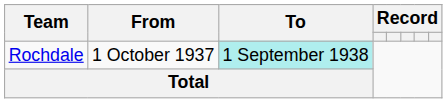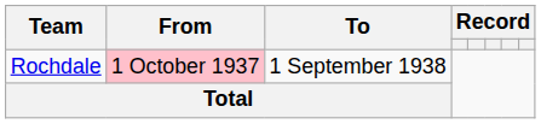 <table class=wikitable style="text-align: center">
 <tr>
 <th rowspan=2>Team</th>
 <th rowspan=2>From</th>
 <th rowspan=2>To</th>
 <th colspan=5>Record</th>
 </tr>
 <tr>
 <th></th>
 <th></th>
 <th></th>
 <th></th>
 <th></th>
 </tr>
 <tr>
 <td align=left><a href='#'>Rochdale</a></td>
-<td align=left>1 October 1937</td>
-<td align=left style="background: paleturquoise;">1 September 1938<br></td>
+<td align=left style="background: pink;">1 October 1937</td>
+<td align=left>1 September 1938<br></td>
 </tr>
 <tr>
 <th colspan=3>Total<br></th>
 </tr>
 </table>
